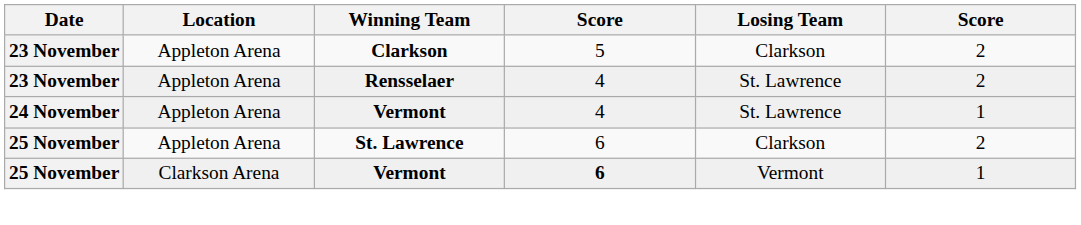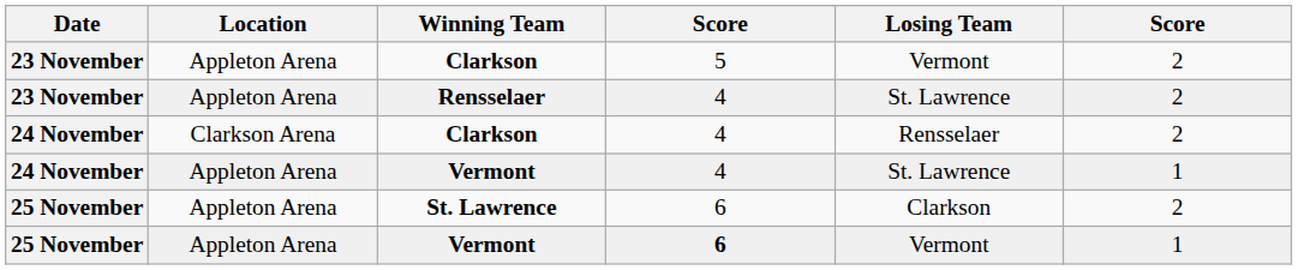 <table class="wikitable" style="text-align:center" cellpadding=2 cellspacing=2>
 <tr>
 <th>Date</th>
 <th scope="col" width="150">Location</th>
 <th scope="col" width="150">Winning Team</th>
 <th scope="col" width="150">Score</th>
 <th scope="col" width="150">Losing Team</th>
 <th scope="col" width="150">Score</th>
 </tr>
 <tr>
 <th>23 November</th>
 <td>Appleton Arena</td>
 <td><strong>Clarkson</strong></td>
 <td>5</td>
-<td>Clarkson</td>
+<td>Vermont</td>
 <td>2</td>
 </tr>
 <tr bgcolor=f0f0f0>
 <th>23 November</th>
 <td>Appleton Arena</td>
 <td><strong>Rensselaer</strong></td>
 <td>4</td>
 <td>St. Lawrence</td>
+<td>2</td>
+</tr>
+<tr>
+<th>24 November</th>
+<td>Clarkson Arena</td>
+<td><strong>Clarkson</strong></td>
+<td>4</td>
+<td>Rensselaer</td>
 <td>2</td>
 </tr>
 <tr bgcolor=f0f0f0>
 <th>24 November</th>
 <td>Appleton Arena</td>
 <td><strong>Vermont</strong></td>
 <td>4</td>
 <td>St. Lawrence</td>
 <td>1</td>
 </tr>
 <tr>
 <th>25 November</th>
 <td>Appleton Arena</td>
 <td><strong>St. Lawrence</strong></td>
 <td>6</td>
 <td>Clarkson</td>
 <td>2</td>
 </tr>
 <tr bgcolor=f0f0f0>
 <th>25 November</th>
-<td>Clarkson Arena</td>
+<td>Appleton Arena</td>
 <td><strong>Vermont</strong></td>
 <td><strong>6</strong></td>
 <td>Vermont</td>
 <td>1</td>
 </tr>
 </table>
